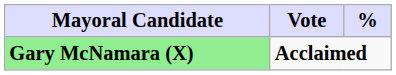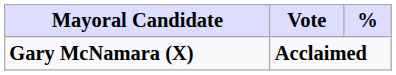 <table class="wikitable">
 <tr>
 <th style="background:#ddf; width:200px;">Mayoral Candidate</th>
 <th style="background:#ddf; width:50px;">Vote</th>
 <th style="background:#ddf; width:30px;">%</th>
 </tr>
 <tr>
-<td style="background: lightgreen;"><strong>Gary McNamara (X)</strong></td>
+<td><strong>Gary McNamara (X)</strong></td>
 <td colspan="2"><strong>Acclaimed</strong></td>
 </tr>
 </table>
